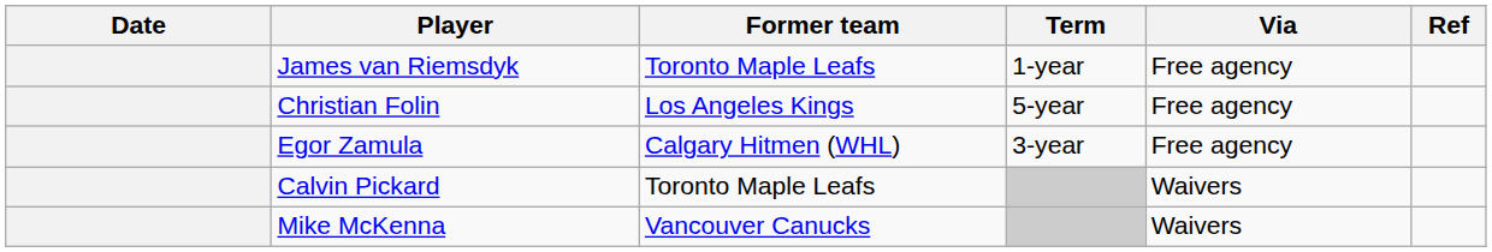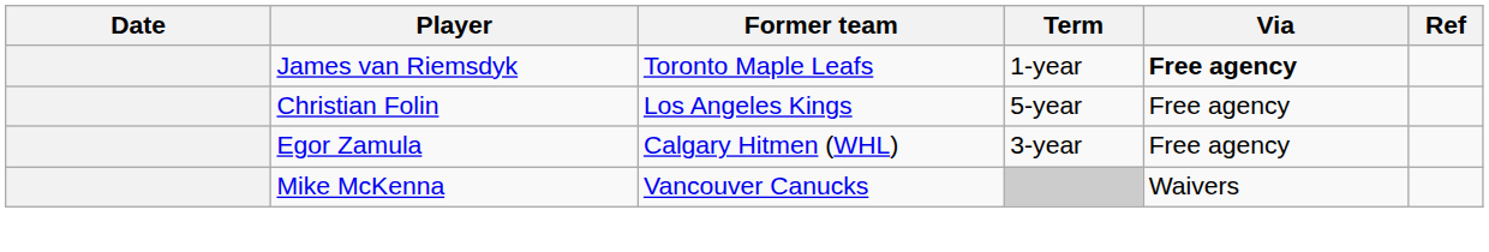 <table class="wikitable plainrowheaders">
 <tr style="background:#ddd; text-align:center;">
 <th style="width: 10em;">Date</th>
 <th style="width: 14em;">Player</th>
 <th style="width: 14em;">Former team</th>
 <th style="width: 5em;">Term</th>
 <th style="width: 10em;">Via</th>
 <th style="width: 2.5em;">Ref</th>
 </tr>
 <tr>
 <th scope="row"></th>
 <td><a href='#'>James van Riemsdyk</a></td>
 <td><a href='#'>Toronto Maple Leafs</a></td>
 <td>1-year</td>
-<td>Free agency</td>
+<td><strong>Free agency</strong></td>
 <td></td>
 </tr>
 <tr>
 <th scope="row"></th>
 <td><a href='#'>Christian Folin</a></td>
 <td><a href='#'>Los Angeles Kings</a></td>
 <td>5-year</td>
 <td>Free agency</td>
 <td></td>
 </tr>
 <tr>
 <th scope="row"></th>
 <td><a href='#'>Egor Zamula</a></td>
 <td><a href='#'>Calgary Hitmen</a> (<a href='#'>WHL</a>)</td>
 <td>3-year</td>
 <td>Free agency</td>
 <td></td>
 </tr>
 <tr>
 <th scope="row"></th>
-<td><a href='#'>Calvin Pickard</a></td>
-<td>Toronto Maple Leafs</td>
-<td style="background:#ccc"></td>
-<td>Waivers</td>
-<td></td>
-</tr>
-<tr>
-<th scope="row"></th>
 <td><a href='#'>Mike McKenna</a></td>
 <td><a href='#'>Vancouver Canucks</a></td>
 <td style="background:#ccc"></td>
 <td>Waivers</td>
 <td></td>
 </tr>
 </table>
